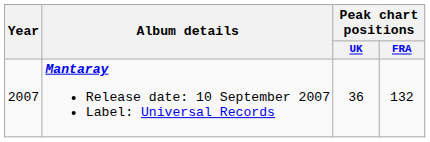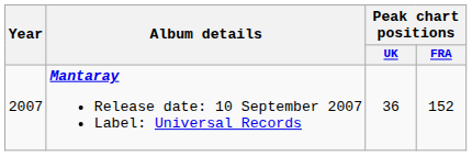 <table class="wikitable" style="text-align:center;">
 <tr>
 <th rowspan="2">Year</th>
 <th rowspan="2">Album details</th>
 <th colspan="2">Peak chart positions</th>
 </tr>
 <tr style="font-size:smaller;">
 <th style="width:40px;"><a href='#'>UK</a><br></th>
 <th style="width:40px;"><a href='#'>FRA</a><br></th>
 </tr>
 <tr>
 <td>2007</td>
 <td style="text-align:left;"><strong><em><a href='#'>Mantaray</a></em></strong><br><ul><li>Release date: 10 September 2007</li><li>Label: <a href='#'>Universal Records</a></li></ul></td>
 <td>36</td>
-<td>132</td>
+<td>152</td>
 </tr>
 </table>
